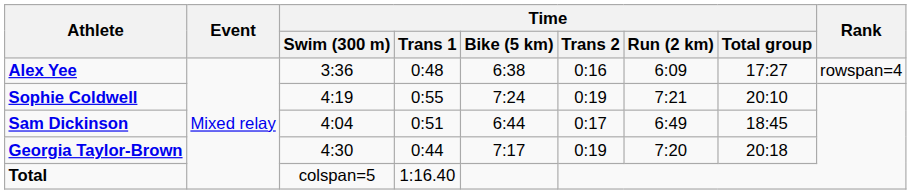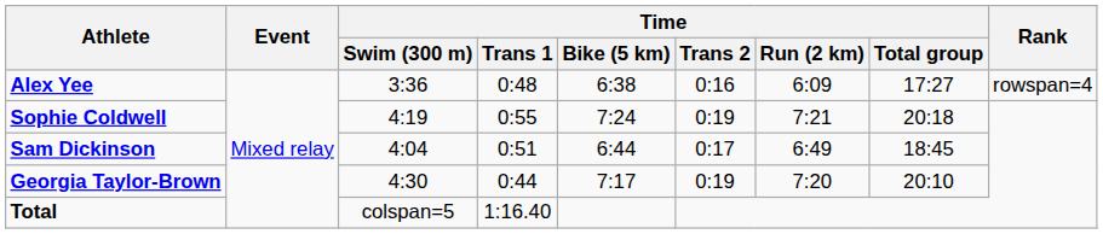 <table class="wikitable" style="font-size:90%;text-align:center;">
 <tr>
 <th rowspan=2>Athlete</th>
 <th rowspan=2>Event</th>
 <th colspan=6>Time</th>
 <th rowspan=2>Rank</th>
 </tr>
 <tr>
 <th>Swim (300 m)</th>
 <th>Trans 1</th>
 <th>Bike (5 km)</th>
 <th>Trans 2</th>
 <th>Run (2 km)</th>
 <th>Total group</th>
 </tr>
 <tr>
 <td align=left><strong><a href='#'>Alex Yee</a></strong></td>
 <td align=left rowspan=5><a href='#'>Mixed relay</a></td>
 <td>3:36</td>
 <td>0:48</td>
 <td>6:38</td>
 <td>0:16</td>
 <td>6:09</td>
 <td>17:27</td>
 <td>rowspan=4 </td>
 </tr>
 <tr>
 <td align=left><strong><a href='#'>Sophie Coldwell</a></strong></td>
 <td>4:19</td>
 <td>0:55</td>
 <td>7:24</td>
 <td>0:19</td>
 <td>7:21</td>
-<td>20:10</td>
+<td>20:18</td>
 </tr>
 <tr>
 <td align=left><strong><a href='#'>Sam Dickinson</a></strong></td>
 <td>4:04</td>
 <td>0:51</td>
 <td>6:44</td>
 <td>0:17</td>
 <td>6:49</td>
 <td>18:45</td>
 </tr>
 <tr>
 <td align=left><strong><a href='#'>Georgia Taylor-Brown</a></strong></td>
 <td>4:30</td>
 <td>0:44</td>
 <td>7:17</td>
 <td>0:19</td>
 <td>7:20</td>
-<td>20:18</td>
+<td>20:10</td>
 </tr>
 <tr align=center>
 <td align=left><strong>Total</strong></td>
 <td>colspan=5 </td>
 <td>1:16.40</td>
 <td></td>
 </tr>
 </table>
